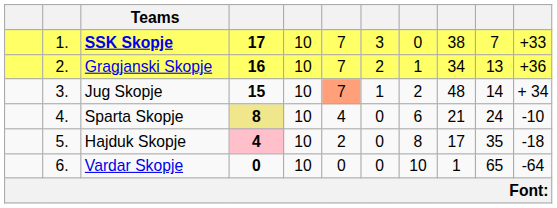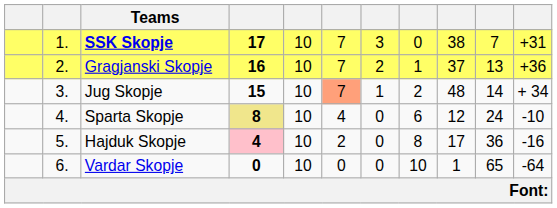 <table class="wikitable sortable" style="text-align: center; font-size: 90%;">
 <tr>
 <th width=7%></th>
 <th width=7%></th>
 <th width=27%>Teams</th>
 <th width=10%></th>
 <th width=7%></th>
 <th width=7%></th>
 <th width=7%></th>
 <th width=7%></th>
 <th width=7%></th>
 <th width=7%></th>
 <th width=7%></th>
 </tr>
 <tr style="background:#FFFF66;">
 <td></td>
 <td>1.</td>
 <td style="text-align:left;"><strong><a href='#'> SSK Skopje</a></strong></td>
 <td><strong>17</strong></td>
 <td>10</td>
 <td>7</td>
 <td>3</td>
 <td>0</td>
 <td>38</td>
 <td>7</td>
-<td>+33</td>
+<td>+31</td>
 </tr>
 <tr style="background:#FFFF66;">
 <td></td>
 <td>2.</td>
 <td style="text-align:left;"><a href='#'>Gragjanski Skopje</a></td>
 <td><strong>16</strong></td>
 <td>10</td>
 <td>7</td>
 <td>2</td>
 <td>1</td>
-<td>34</td>
+<td>37</td>
 <td>13</td>
 <td>+36</td>
 </tr>
 <tr>
 <td></td>
 <td>3.</td>
 <td style="text-align:left;">Jug Skopje</td>
 <td><strong>15</strong></td>
 <td>10</td>
 <td style="background: lightsalmon;">7</td>
 <td>1</td>
 <td>2</td>
 <td>48</td>
 <td>14</td>
 <td>+ 34</td>
 </tr>
 <tr>
 <td></td>
 <td>4.</td>
 <td style="text-align:left;">Sparta Skopje</td>
 <td style="background: khaki;"><strong>8</strong></td>
 <td>10</td>
 <td>4</td>
 <td>0</td>
 <td>6</td>
-<td>21</td>
+<td>12</td>
 <td>24</td>
 <td>-10</td>
 </tr>
 <tr>
 <td></td>
 <td>5.</td>
 <td style="text-align:left;">Hajduk Skopje</td>
 <td style="background: pink;"><strong>4</strong></td>
 <td>10</td>
 <td>2</td>
 <td>0</td>
 <td>8</td>
 <td>17</td>
-<td>35</td>
-<td>-18</td>
+<td>36</td>
+<td>-16</td>
 </tr>
 <tr>
 <td></td>
 <td>6.</td>
 <td style="text-align:left;"><a href='#'> Vardar Skopje</a></td>
 <td><strong>0</strong></td>
 <td>10</td>
 <td>0</td>
 <td>0</td>
 <td>10</td>
 <td>1</td>
 <td>65</td>
 <td>-64</td>
 </tr>
 <tr>
 <th colspan="11" style="text-align: right;">Font: </th>
 </tr>
 </table>
